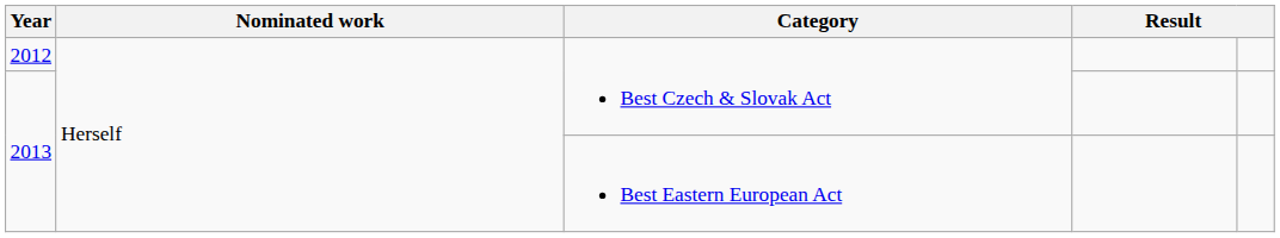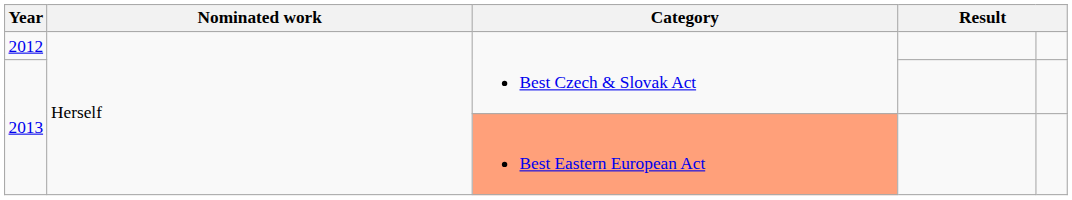 <table class="wikitable" style="text-align:left;">
 <tr>
 <th width=4% align=center>Year</th>
 <th width=40%>Nominated work</th>
 <th width=40%>Category</th>
 <th width=16% colspan=2>Result</th>
 </tr>
 <tr>
 <td><a href='#'>2012</a></td>
 <td rowspan=3>Herself</td>
 <td rowspan=2><br><ul><li><a href='#'>Best Czech & Slovak Act</a></li></ul></td>
 <td></td>
 <td width=3% align=center></td>
 </tr>
 <tr>
 <td rowspan=2><a href='#'>2013</a></td>
 <td></td>
 <td width=3% align=center></td>
 </tr>
 <tr>
-<td><br><ul><li><a href='#'>Best Eastern European Act</a></li></ul></td>
+<td style="background: lightsalmon;"><br><ul><li><a href='#'>Best Eastern European Act</a></li></ul></td>
 <td></td>
 </tr>
 </table>
